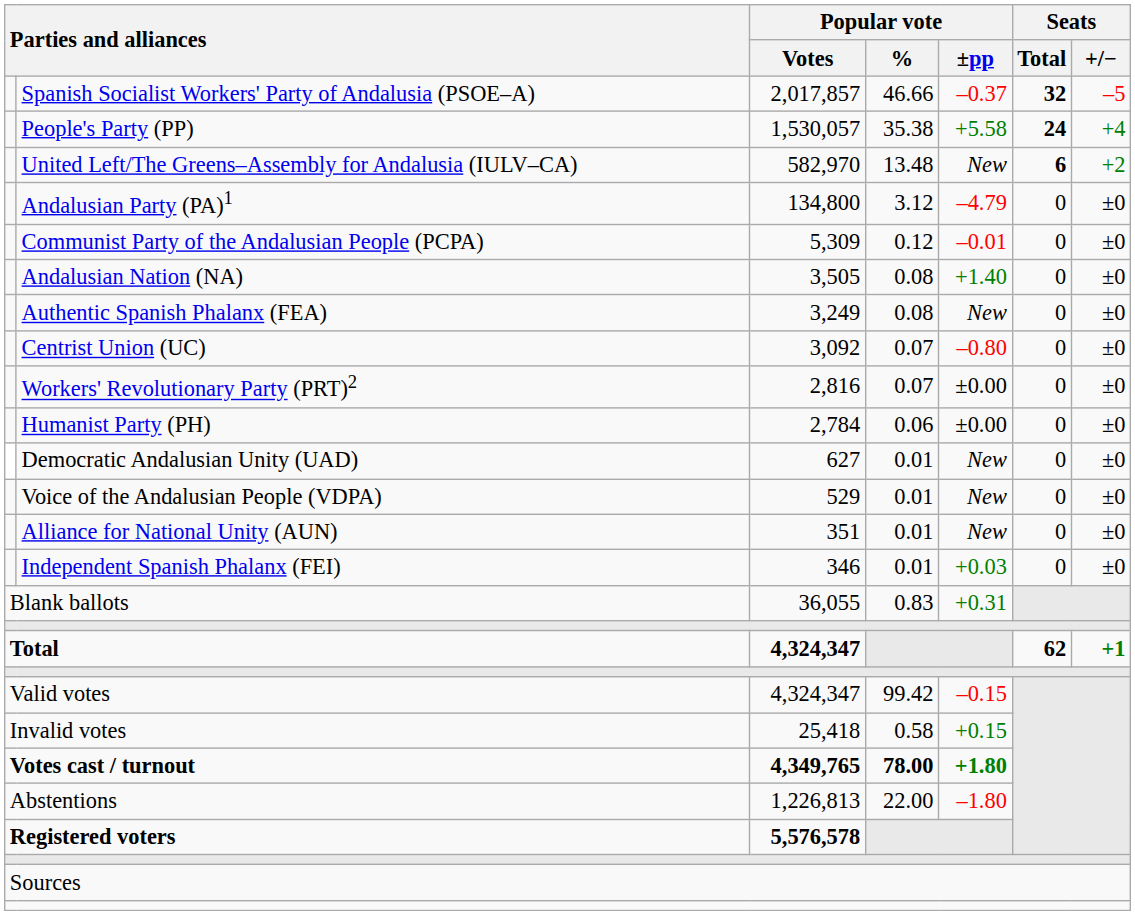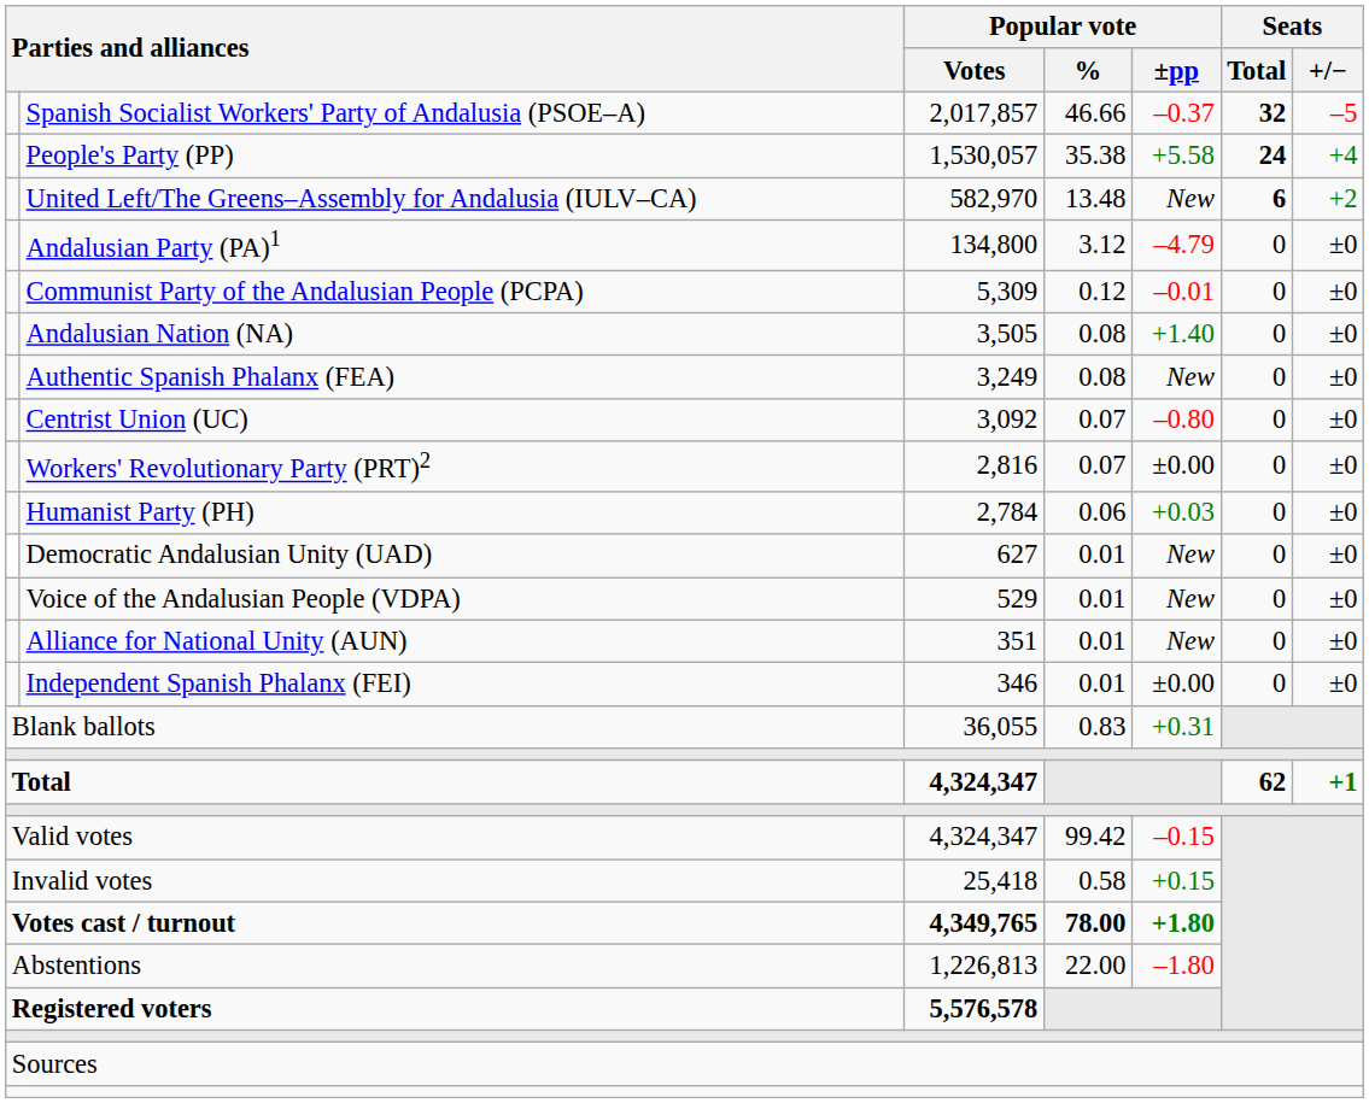 <table class="wikitable" style="text-align:right;">
 <tr>
 <th style="text-align:left;" rowspan="2" colspan="2" width="525">Parties and alliances</th>
 <th colspan="3">Popular vote</th>
 <th colspan="2">Seats</th>
 </tr>
 <tr>
 <th width="75">Votes</th>
 <th width="45">%</th>
 <th width="45">±<a href='#'>pp</a></th>
 <th width="35">Total</th>
 <th width="35">+/−</th>
 </tr>
 <tr>
 <td width="1" style="color:inherit;background:"></td>
 <td align="left"><a href='#'>Spanish Socialist Workers' Party of Andalusia</a> (PSOE–A)</td>
 <td>2,017,857</td>
 <td>46.66</td>
 <td style="color:red;">–0.37</td>
 <td><strong>32</strong></td>
 <td style="color:red;">–5</td>
 </tr>
 <tr>
 <td style="color:inherit;background:"></td>
 <td align="left"><a href='#'>People's Party</a> (PP)</td>
 <td>1,530,057</td>
 <td>35.38</td>
 <td style="color:green;">+5.58</td>
 <td><strong>24</strong></td>
 <td style="color:green;">+4</td>
 </tr>
 <tr>
 <td style="color:inherit;background:"></td>
 <td align="left"><a href='#'>United Left/The Greens–Assembly for Andalusia</a> (IULV–CA)</td>
 <td>582,970</td>
 <td>13.48</td>
 <td><em>New</em></td>
 <td><strong>6</strong></td>
 <td style="color:green;">+2</td>
 </tr>
 <tr>
 <td style="color:inherit;background:"></td>
 <td align="left"><a href='#'>Andalusian Party</a> (PA)<sup>1</sup></td>
 <td>134,800</td>
 <td>3.12</td>
 <td style="color:red;">–4.79</td>
 <td>0</td>
 <td>±0</td>
 </tr>
 <tr>
 <td style="color:inherit;background:"></td>
 <td align="left"><a href='#'>Communist Party of the Andalusian People</a> (PCPA)</td>
 <td>5,309</td>
 <td>0.12</td>
 <td style="color:red;">–0.01</td>
 <td>0</td>
 <td>±0</td>
 </tr>
 <tr>
 <td style="color:inherit;background:"></td>
 <td align="left"><a href='#'>Andalusian Nation</a> (NA)</td>
 <td>3,505</td>
 <td>0.08</td>
 <td style="color:green;">+1.40</td>
 <td>0</td>
 <td>±0</td>
 </tr>
 <tr>
 <td style="color:inherit;background:"></td>
 <td align="left"><a href='#'>Authentic Spanish Phalanx</a> (FEA)</td>
 <td>3,249</td>
 <td>0.08</td>
 <td><em>New</em></td>
 <td>0</td>
 <td>±0</td>
 </tr>
 <tr>
 <td style="color:inherit;background:"></td>
 <td align="left"><a href='#'>Centrist Union</a> (UC)</td>
 <td>3,092</td>
 <td>0.07</td>
 <td style="color:red;">–0.80</td>
 <td>0</td>
 <td>±0</td>
 </tr>
 <tr>
 <td style="color:inherit;background:"></td>
 <td align="left"><a href='#'>Workers' Revolutionary Party</a> (PRT)<sup>2</sup></td>
 <td>2,816</td>
 <td>0.07</td>
 <td>±0.00</td>
 <td>0</td>
 <td>±0</td>
 </tr>
 <tr>
 <td style="color:inherit;background:"></td>
 <td align="left"><a href='#'>Humanist Party</a> (PH)</td>
 <td>2,784</td>
 <td>0.06</td>
-<td>±0.00</td>
+<td style="color:green;">+0.03</td>
 <td>0</td>
 <td>±0</td>
 </tr>
 <tr>
 <td bgcolor="white"></td>
 <td align="left">Democratic Andalusian Unity (UAD)</td>
 <td>627</td>
 <td>0.01</td>
 <td><em>New</em></td>
 <td>0</td>
 <td>±0</td>
 </tr>
 <tr>
 <td style="color:inherit;background:"></td>
 <td align="left">Voice of the Andalusian People (VDPA)</td>
 <td>529</td>
 <td>0.01</td>
 <td><em>New</em></td>
 <td>0</td>
 <td>±0</td>
 </tr>
 <tr>
 <td style="color:inherit;background:"></td>
 <td align="left"><a href='#'>Alliance for National Unity</a> (AUN)</td>
 <td>351</td>
 <td>0.01</td>
 <td><em>New</em></td>
 <td>0</td>
 <td>±0</td>
 </tr>
 <tr>
 <td style="color:inherit;background:"></td>
 <td align="left"><a href='#'>Independent Spanish Phalanx</a> (FEI)</td>
 <td>346</td>
 <td>0.01</td>
-<td style="color:green;">+0.03</td>
+<td>±0.00</td>
 <td>0</td>
 <td>±0</td>
 </tr>
 <tr>
 <td align="left" colspan="2">Blank ballots</td>
 <td>36,055</td>
 <td>0.83</td>
 <td style="color:green;">+0.31</td>
 <td bgcolor="#E9E9E9" colspan="2"></td>
 </tr>
 <tr>
 <td colspan="7" bgcolor="#E9E9E9"></td>
 </tr>
 <tr style="font-weight:bold;">
 <td align="left" colspan="2">Total</td>
 <td>4,324,347</td>
 <td bgcolor="#E9E9E9" colspan="2"></td>
 <td>62</td>
 <td style="color:green;">+1</td>
 </tr>
 <tr>
 <td colspan="7" bgcolor="#E9E9E9"></td>
 </tr>
 <tr>
 <td align="left" colspan="2">Valid votes</td>
 <td>4,324,347</td>
 <td>99.42</td>
 <td style="color:red;">–0.15</td>
 <td bgcolor="#E9E9E9" colspan="2" rowspan="5"></td>
 </tr>
 <tr>
 <td align="left" colspan="2">Invalid votes</td>
 <td>25,418</td>
 <td>0.58</td>
 <td style="color:green;">+0.15</td>
 </tr>
 <tr style="font-weight:bold;">
 <td align="left" colspan="2">Votes cast / turnout</td>
 <td>4,349,765</td>
 <td>78.00</td>
 <td style="color:green;">+1.80</td>
 </tr>
 <tr>
 <td align="left" colspan="2">Abstentions</td>
 <td>1,226,813</td>
 <td>22.00</td>
 <td style="color:red;">–1.80</td>
 </tr>
 <tr style="font-weight:bold;">
 <td align="left" colspan="2">Registered voters</td>
 <td>5,576,578</td>
 <td bgcolor="#E9E9E9" colspan="2"></td>
 </tr>
 <tr>
 <td colspan="7" bgcolor="#E9E9E9"></td>
 </tr>
 <tr>
 <td align="left" colspan="7">Sources</td>
 </tr>
 <tr>
 <td colspan="7" style="text-align:left; max-width:790px;"></td>
 </tr>
 </table>
